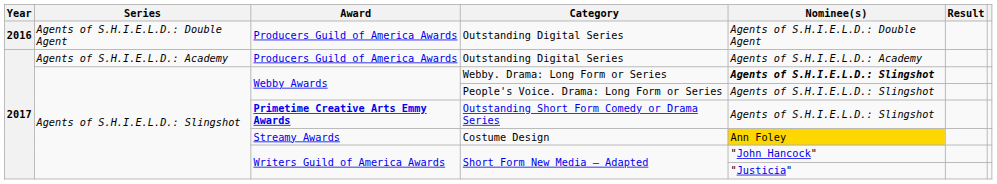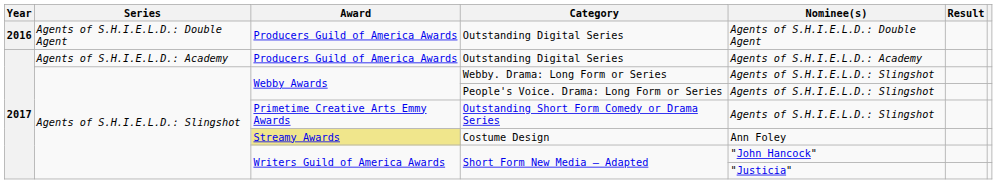 <table class="wikitable">
 <tr>
 <th scope="col">Year</th>
 <th scope="col">Series</th>
 <th scope="col">Award</th>
 <th scope="col">Category</th>
 <th scope="col">Nominee(s)</th>
 <th scope="col">Result</th>
 <th scope="col"></th>
 </tr>
 <tr>
 <th scope="row">2016</th>
 <td><em>Agents of S.H.I.E.L.D.: Double Agent</em></td>
 <td><a href='#'>Producers Guild of America Awards</a></td>
 <td>Outstanding Digital Series</td>
 <td><em>Agents of S.H.I.E.L.D.: Double Agent</em></td>
 <td></td>
 <td></td>
 </tr>
 <tr>
 <th scope="row" rowspan="7">2017</th>
 <td><em>Agents of S.H.I.E.L.D.: Academy</em></td>
 <td><a href='#'>Producers Guild of America Awards</a></td>
 <td>Outstanding Digital Series</td>
 <td><em>Agents of S.H.I.E.L.D.: Academy</em></td>
 <td></td>
 <td></td>
 </tr>
 <tr>
 <td rowspan="6"><em>Agents of S.H.I.E.L.D.: Slingshot</em></td>
 <td rowspan="2"><a href='#'>Webby Awards</a></td>
 <td>Webby. Drama: Long Form or Series</td>
-<td><strong><em>Agents of S.H.I.E.L.D.: Slingshot</em></strong></td>
+<td><em>Agents of S.H.I.E.L.D.: Slingshot</em></td>
 <td></td>
 <td></td>
 </tr>
 <tr>
 <td>People's Voice. Drama: Long Form or Series</td>
 <td><em>Agents of S.H.I.E.L.D.: Slingshot</em></td>
 <td></td>
 <td></td>
 </tr>
 <tr>
-<td><strong><a href='#'>Primetime Creative Arts Emmy Awards</a></strong></td>
+<td><a href='#'>Primetime Creative Arts Emmy Awards</a></td>
 <td><a href='#'>Outstanding Short Form Comedy or Drama Series</a></td>
 <td><em>Agents of S.H.I.E.L.D.: Slingshot</em></td>
 <td></td>
 <td></td>
 </tr>
 <tr>
-<td><a href='#'>Streamy Awards</a></td>
+<td style="background: khaki;"><a href='#'>Streamy Awards</a></td>
 <td>Costume Design</td>
-<td style="background: gold;">Ann Foley</td>
+<td>Ann Foley</td>
 <td></td>
 <td></td>
 </tr>
 <tr>
 <td rowspan="2"><a href='#'>Writers Guild of America Awards</a></td>
 <td rowspan="2"><a href='#'>Short Form New Media – Adapted</a></td>
 <td>"<a href='#'>John Hancock</a>"</td>
 <td></td>
 <td></td>
 </tr>
 <tr>
 <td>"<a href='#'>Justicia</a>"</td>
 <td></td>
 <td></td>
 </tr>
 </table>
